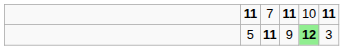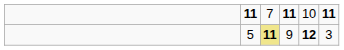 <table class="wikitable">
 <tr>
 <td style="width:18em"></td>
 <td align=center style="width:1em"><strong>11</strong></td>
 <td align=center style="width:1em">7</td>
 <td align=center style="width:1em"><strong>11</strong></td>
 <td align=center style="width:1em">10</td>
 <td align=center style="width:1em"><strong>11</strong></td>
 </tr>
 <tr>
 <td style="width:18em"></td>
 <td align=center style="width:1em">5</td>
-<td align=center style="width:1em"><strong>11</strong></td>
+<td align=center style="background: khaki; width:1em"><strong>11</strong></td>
 <td align=center style="width:1em">9</td>
-<td align=center style="background: lightgreen; width:1em"><strong>12</strong></td>
+<td align=center style="width:1em"><strong>12</strong></td>
 <td align=center style="width:1em">3</td>
 </tr>
 </table>
